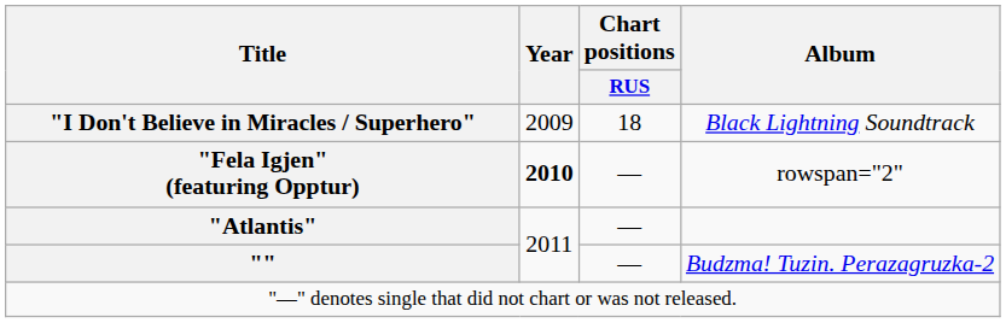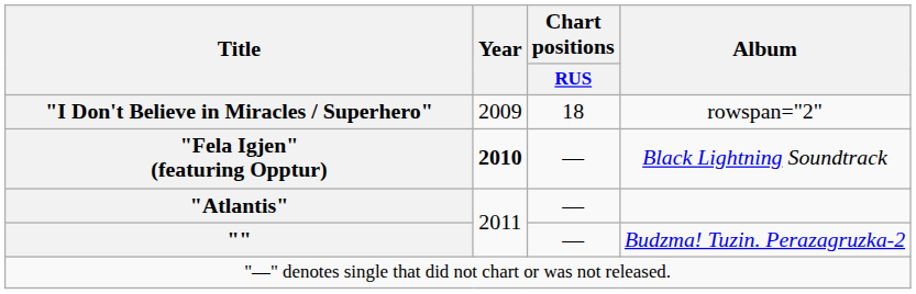 <table class="wikitable plainrowheaders" style="text-align:center;">
 <tr>
 <th scope="col" rowspan="2" style="width:21em;">Title</th>
 <th scope="col" rowspan="2" style="width:1em;">Year</th>
 <th scope="col">Chart positions</th>
 <th scope="col" rowspan="2">Album</th>
 </tr>
 <tr>
 <th scope="col" style="width:3em;font-size:85%;"><a href='#'>RUS</a></th>
 </tr>
 <tr>
 <th scope="row">"I Don't Believe in Miracles / Superhero"</th>
 <td>2009</td>
 <td>18</td>
-<td><em><a href='#'>Black Lightning</a> Soundtrack</em></td>
+<td>rowspan="2" </td>
 </tr>
 <tr>
 <th scope="row">"Fela Igjen"<br><span>(featuring Opptur)</span></th>
 <td><strong>2010</strong></td>
 <td>—</td>
-<td>rowspan="2" </td>
+<td><em><a href='#'>Black Lightning</a> Soundtrack</em></td>
 </tr>
 <tr>
 <th scope="row">"Atlantis"</th>
 <td rowspan="2">2011</td>
 <td>—</td>
 </tr>
 <tr>
 <th scope="row">""</th>
 <td>—</td>
 <td><em><a href='#'>Budzma! Tuzin. Perazagruzka-2</a></em></td>
 </tr>
 <tr>
 <td colspan="14" style="font-size:85%">"—" denotes single that did not chart or was not released.</td>
 </tr>
 </table>
